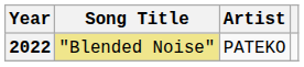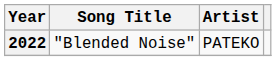 <table class="wikitable sortable plainrowheaders">
 <tr>
 <th scope="col">Year</th>
 <th scope="col">Song Title</th>
 <th scope="col">Artist</th>
 <th scope="col" class="unsortable"></th>
 </tr>
 <tr>
 <th scope="row">2022</th>
-<td style="background: khaki;">"Blended Noise"</td>
+<td>"Blended Noise"</td>
 <td>PATEKO</td>
 <td></td>
 </tr>
 <tr>
 </tr>
 </table>
